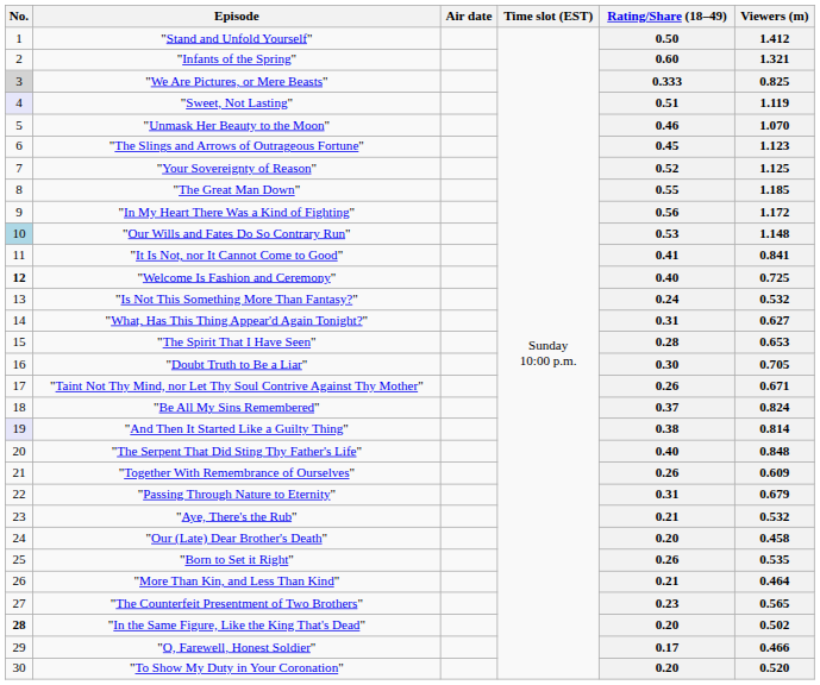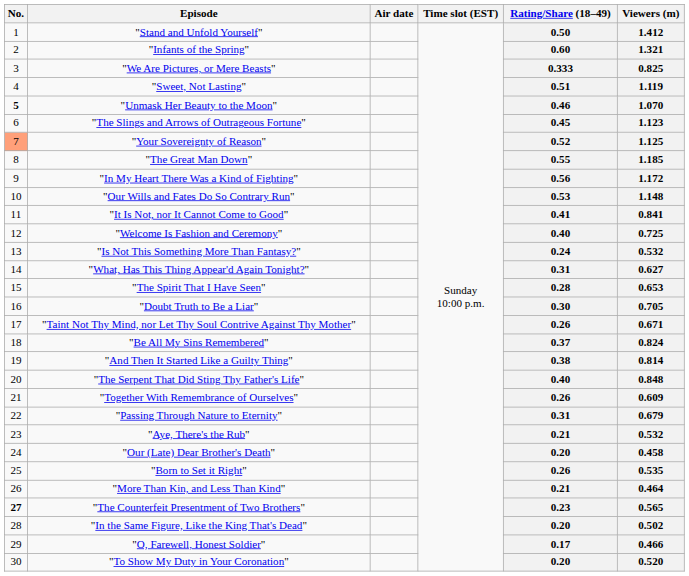 <table class="wikitable" style="font-size:90%; text-align:center; width: 100%; margin-left: auto; margin-right: auto;">
 <tr>
 <th>No.</th>
 <th>Episode</th>
 <th>Air date</th>
 <th>Time slot (EST)</th>
 <th><a href='#'>Rating/Share</a> (18–49)</th>
 <th>Viewers (m)</th>
 </tr>
 <tr>
 <td style="text-align:center">1</td>
 <td>"<a href='#'>Stand and Unfold Yourself</a>"</td>
 <td></td>
 <td style="text-align:center" rowspan="30">Sunday<br>10:00 p.m.</td>
 <th>0.50</th>
 <th>1.412</th>
 </tr>
 <tr>
 <td style="text-align:center">2</td>
 <td>"<a href='#'>Infants of the Spring</a>"</td>
 <td></td>
 <th>0.60</th>
 <th>1.321</th>
 </tr>
 <tr>
-<td style="background: lightgrey; text-align:center">3</td>
+<td style="text-align:center">3</td>
 <td>"<a href='#'>We Are Pictures, or Mere Beasts</a>"</td>
 <td></td>
 <th>0.333</th>
 <th>0.825</th>
 </tr>
 <tr>
-<td style="background: lavender; text-align:center">4</td>
+<td style="text-align:center">4</td>
 <td>"<a href='#'>Sweet, Not Lasting</a>"</td>
 <td></td>
 <th>0.51</th>
 <th>1.119</th>
 </tr>
 <tr>
-<td style="text-align:center">5</td>
+<td style="text-align:center"><strong>5</strong></td>
 <td>"<a href='#'>Unmask Her Beauty to the Moon</a>"</td>
 <td></td>
 <th>0.46</th>
 <th>1.070</th>
 </tr>
 <tr>
 <td style="text-align:center">6</td>
 <td>"<a href='#'>The Slings and Arrows of Outrageous Fortune</a>"</td>
 <td></td>
 <th>0.45</th>
 <th>1.123</th>
 </tr>
 <tr>
-<td style="text-align:center">7</td>
+<td style="background: lightsalmon; text-align:center">7</td>
 <td>"<a href='#'>Your Sovereignty of Reason</a>"</td>
 <td></td>
 <th>0.52</th>
 <th>1.125</th>
 </tr>
 <tr>
 <td style="text-align:center">8</td>
 <td>"<a href='#'>The Great Man Down</a>"</td>
 <td></td>
 <th>0.55</th>
 <th>1.185</th>
 </tr>
 <tr>
 <td style="text-align:center">9</td>
 <td>"<a href='#'>In My Heart There Was a Kind of Fighting</a>"</td>
 <td></td>
 <th>0.56</th>
 <th>1.172</th>
 </tr>
 <tr>
-<td style="background: lightblue; text-align:center">10</td>
+<td style="text-align:center">10</td>
 <td>"<a href='#'>Our Wills and Fates Do So Contrary Run</a>"</td>
 <td></td>
 <th>0.53</th>
 <th>1.148</th>
 </tr>
 <tr>
 <td style="text-align:center">11</td>
 <td>"<a href='#'>It Is Not, nor It Cannot Come to Good</a>"</td>
 <td></td>
 <th>0.41</th>
 <th>0.841</th>
 </tr>
 <tr>
-<td style="text-align:center"><strong>12</strong></td>
+<td style="text-align:center">12</td>
 <td>"<a href='#'>Welcome Is Fashion and Ceremony</a>"</td>
 <td></td>
 <th>0.40</th>
 <th>0.725</th>
 </tr>
 <tr>
 <td style="text-align:center">13</td>
 <td>"<a href='#'>Is Not This Something More Than Fantasy?</a>"</td>
 <td></td>
 <th>0.24</th>
 <th>0.532</th>
 </tr>
 <tr>
 <td style="text-align:center">14</td>
 <td>"<a href='#'>What, Has This Thing Appear'd Again Tonight?</a>"</td>
 <td></td>
 <th>0.31</th>
 <th>0.627</th>
 </tr>
 <tr>
 <td style="text-align:center">15</td>
 <td>"<a href='#'>The Spirit That I Have Seen</a>"</td>
 <td></td>
 <th>0.28</th>
 <th>0.653</th>
 </tr>
 <tr>
 <td style="text-align:center">16</td>
 <td>"<a href='#'>Doubt Truth to Be a Liar</a>"</td>
 <td></td>
 <th>0.30</th>
 <th>0.705</th>
 </tr>
 <tr>
 <td style="text-align:center">17</td>
 <td>"<a href='#'>Taint Not Thy Mind, nor Let Thy Soul Contrive Against Thy Mother</a>"</td>
 <td></td>
 <th>0.26</th>
 <th>0.671</th>
 </tr>
 <tr>
 <td style="text-align:center">18</td>
 <td>"<a href='#'>Be All My Sins Remembered</a>"</td>
 <td></td>
 <th>0.37</th>
 <th>0.824</th>
 </tr>
 <tr>
-<td style="background: lavender; text-align:center">19</td>
+<td style="text-align:center">19</td>
 <td>"<a href='#'>And Then It Started Like a Guilty Thing</a>"</td>
 <td></td>
 <th>0.38</th>
 <th>0.814</th>
 </tr>
 <tr>
 <td style="text-align:center">20</td>
 <td>"<a href='#'>The Serpent That Did Sting Thy Father's Life</a>"</td>
 <td></td>
 <th>0.40</th>
 <th>0.848</th>
 </tr>
 <tr>
 <td style="text-align:center">21</td>
 <td>"<a href='#'>Together With Remembrance of Ourselves</a>"</td>
 <td></td>
 <th>0.26</th>
 <th>0.609</th>
 </tr>
 <tr>
 <td style="text-align:center">22</td>
 <td>"<a href='#'>Passing Through Nature to Eternity</a>"</td>
 <td></td>
 <th>0.31</th>
 <th>0.679</th>
 </tr>
 <tr>
 <td style="text-align:center">23</td>
 <td>"<a href='#'>Aye, There's the Rub</a>"</td>
 <td></td>
 <th>0.21</th>
 <th>0.532</th>
 </tr>
 <tr>
 <td style="text-align:center">24</td>
 <td>"<a href='#'>Our (Late) Dear Brother's Death</a>"</td>
 <td></td>
 <th>0.20</th>
 <th>0.458</th>
 </tr>
 <tr>
 <td style="text-align:center">25</td>
 <td>"<a href='#'>Born to Set it Right</a>"</td>
 <td></td>
 <th>0.26</th>
 <th>0.535</th>
 </tr>
 <tr>
 <td style="text-align:center">26</td>
 <td>"<a href='#'>More Than Kin, and Less Than Kind</a>"</td>
 <td></td>
 <th>0.21</th>
 <th>0.464</th>
 </tr>
 <tr>
-<td style="text-align:center">27</td>
+<td style="text-align:center"><strong>27</strong></td>
 <td>"<a href='#'>The Counterfeit Presentment of Two Brothers</a>"</td>
 <td></td>
 <th>0.23</th>
 <th>0.565</th>
 </tr>
 <tr>
-<td style="text-align:center"><strong>28</strong></td>
+<td style="text-align:center">28</td>
 <td>"<a href='#'>In the Same Figure, Like the King That's Dead</a>"</td>
 <td></td>
 <th>0.20</th>
 <th>0.502</th>
 </tr>
 <tr>
 <td style="text-align:center">29</td>
 <td>"<a href='#'>O, Farewell, Honest Soldier</a>"</td>
 <td></td>
 <th>0.17</th>
 <th>0.466</th>
 </tr>
 <tr>
 <td style="text-align:center">30</td>
 <td>"<a href='#'>To Show My Duty in Your Coronation</a>"</td>
 <td></td>
 <th>0.20</th>
 <th>0.520</th>
 </tr>
 </table>
